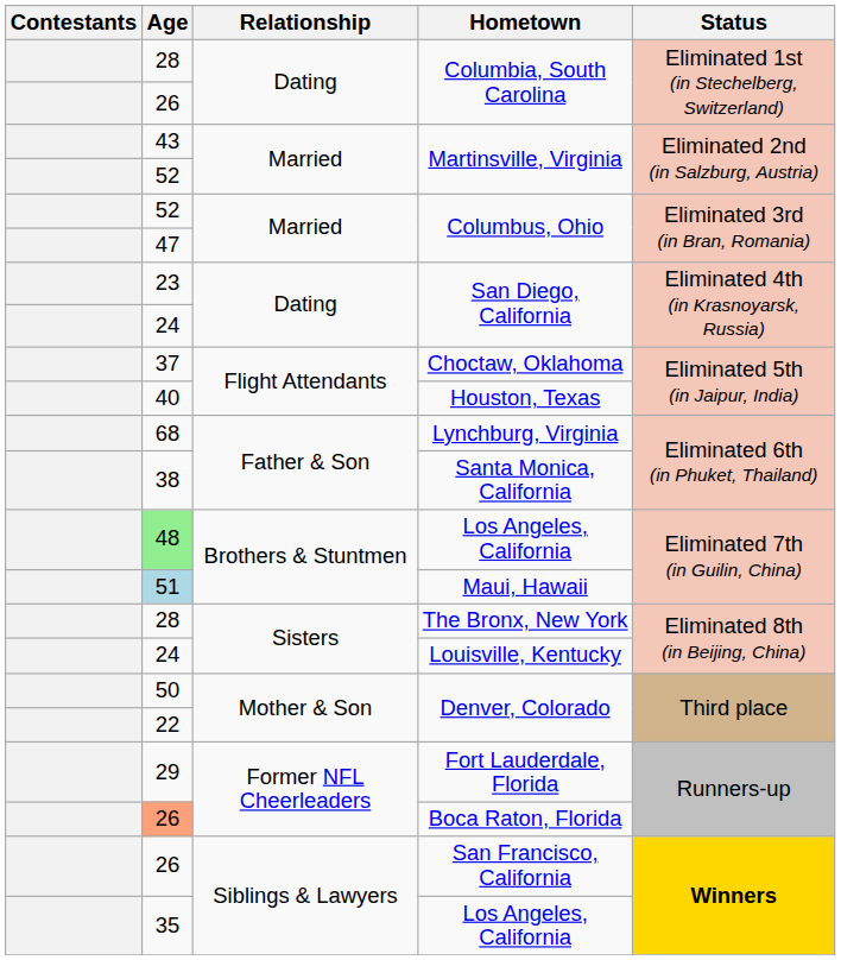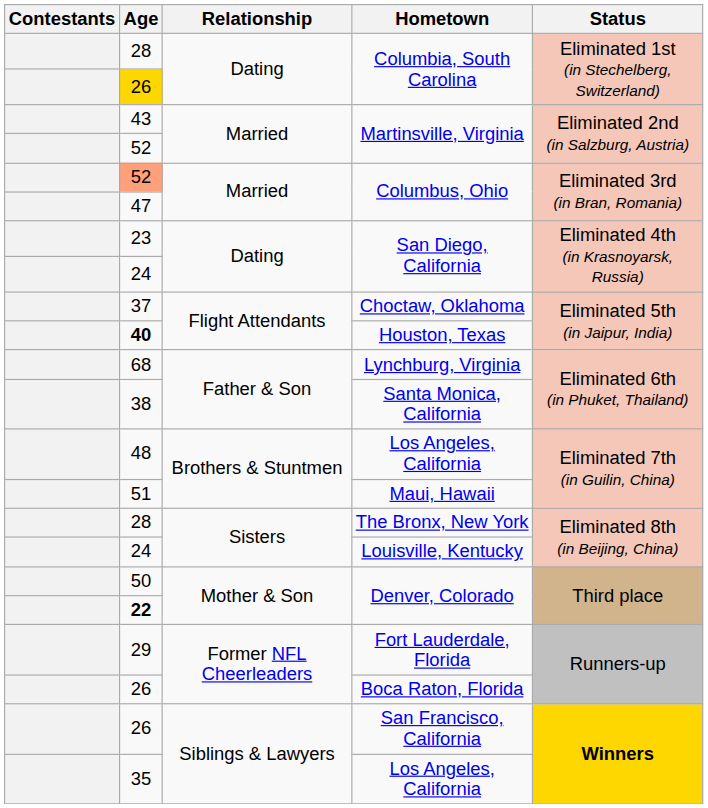 <table class="wikitable sortable" style="text-align:center;">
 <tr>
 <th scope="col">Contestants</th>
 <th scope="col">Age</th>
 <th scope="col" class="unsortable">Relationship</th>
 <th class="unsortable" scope="col">Hometown</th>
 <th scope="col">Status</th>
 </tr>
 <tr>
 <th scope="row"></th>
 <td>28</td>
 <td rowspan="2">Dating</td>
 <td rowspan="2"><a href='#'>Columbia, South Carolina</a></td>
 <td rowspan="2" bgcolor="f4c7b8">Eliminated 1st<br><small><em>(in Stechelberg, Switzerland)</em></small></td>
 </tr>
 <tr>
 <th scope="row"></th>
-<td>26</td>
+<td style="background: gold;">26</td>
 </tr>
 <tr>
 <th scope="row"></th>
 <td>43</td>
 <td rowspan="2">Married</td>
 <td rowspan="2"><a href='#'>Martinsville, Virginia</a></td>
 <td rowspan="2" bgcolor="f4c7b8">Eliminated 2nd<br><small><em>(in Salzburg, Austria)</em></small></td>
 </tr>
 <tr>
 <th scope="row"></th>
 <td>52</td>
 </tr>
 <tr>
 <th scope="row"></th>
-<td>52</td>
+<td style="background: lightsalmon;">52</td>
 <td rowspan="2">Married</td>
 <td rowspan="2"><a href='#'>Columbus, Ohio</a></td>
 <td rowspan="2" bgcolor="f4c7b8">Eliminated 3rd<br><small><em>(in Bran, Romania)</em></small></td>
 </tr>
 <tr>
 <th scope="row"></th>
 <td>47</td>
 </tr>
 <tr>
 <th scope="row"></th>
 <td>23</td>
 <td rowspan="2">Dating</td>
 <td rowspan="2"><a href='#'>San Diego, California</a></td>
 <td rowspan="2" bgcolor="f4c7b8">Eliminated 4th<br><small><em>(in Krasnoyarsk, Russia)</em></small></td>
 </tr>
 <tr>
 <th scope="row"></th>
 <td>24</td>
 </tr>
 <tr>
 <th scope="row"></th>
 <td>37</td>
 <td rowspan="2">Flight Attendants</td>
 <td><a href='#'>Choctaw, Oklahoma</a></td>
 <td rowspan="2" bgcolor="f4c7b8">Eliminated 5th<br><small><em>(in Jaipur, India)</em></small></td>
 </tr>
 <tr>
 <th scope="row"></th>
-<td>40</td>
+<td><strong>40</strong></td>
 <td><a href='#'>Houston, Texas</a></td>
 </tr>
 <tr>
 <th scope="row"></th>
 <td>68</td>
 <td rowspan="2">Father & Son</td>
 <td><a href='#'>Lynchburg, Virginia</a></td>
 <td rowspan="2" bgcolor="f4c7b8">Eliminated 6th<br><small><em>(in Phuket, Thailand)</em></small></td>
 </tr>
 <tr>
 <th scope="row"></th>
 <td>38</td>
 <td><a href='#'>Santa Monica, California</a></td>
 </tr>
 <tr>
 <th scope="row"></th>
-<td style="background: lightgreen;">48</td>
+<td>48</td>
 <td rowspan="2">Brothers & Stuntmen</td>
 <td><a href='#'>Los Angeles, California</a></td>
 <td rowspan="2" bgcolor="f4c7b8">Eliminated 7th<br><small><em>(in Guilin, China)</em></small></td>
 </tr>
 <tr>
 <th scope="row"></th>
-<td style="background: lightblue;">51</td>
+<td>51</td>
 <td><a href='#'>Maui, Hawaii</a></td>
 </tr>
 <tr>
 <th scope="row"></th>
 <td>28</td>
 <td rowspan="2">Sisters</td>
 <td><a href='#'>The Bronx, New York</a></td>
 <td rowspan="2" bgcolor="f4c7b8">Eliminated 8th<br><small><em>(in Beijing, China)</em></small></td>
 </tr>
 <tr>
 <th scope="row"></th>
 <td>24</td>
 <td><a href='#'>Louisville, Kentucky</a></td>
 </tr>
 <tr>
 <th scope="row"></th>
 <td>50</td>
 <td rowspan="2">Mother & Son</td>
 <td rowspan="2"><a href='#'>Denver, Colorado</a></td>
 <td rowspan="2" bgcolor="tan">Third place</td>
 </tr>
 <tr>
 <th scope="row"></th>
-<td>22</td>
+<td><strong>22</strong></td>
 </tr>
 <tr>
 <th scope="row"></th>
 <td>29</td>
 <td rowspan="2">Former <a href='#'>NFL Cheerleaders</a></td>
 <td><a href='#'>Fort Lauderdale, Florida</a></td>
 <td rowspan="2" bgcolor="silver">Runners-up</td>
 </tr>
 <tr>
 <th scope="row"></th>
-<td style="background: lightsalmon;">26</td>
+<td>26</td>
 <td><a href='#'>Boca Raton, Florida</a></td>
 </tr>
 <tr>
 <th scope="row"></th>
 <td>26</td>
 <td rowspan="2">Siblings & Lawyers</td>
 <td><a href='#'>San Francisco, California</a></td>
 <td rowspan="2" bgcolor="gold"><strong>Winners</strong></td>
 </tr>
 <tr>
 <th scope="row"></th>
 <td>35</td>
 <td><a href='#'>Los Angeles, California</a></td>
 </tr>
 </table>
